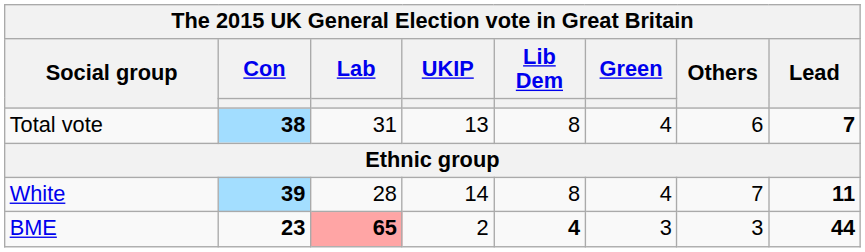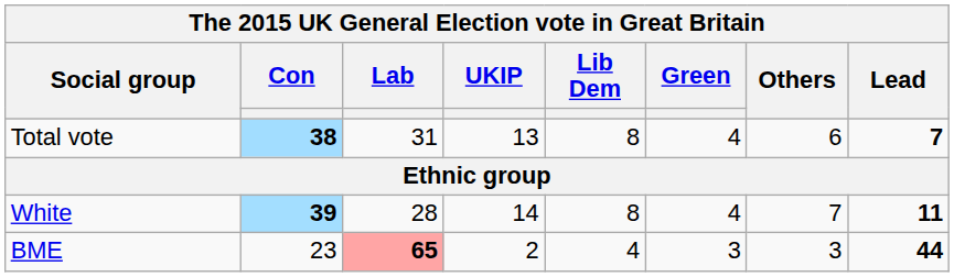 <table class=wikitable>
 <tr>
 <th colspan="10">The 2015 UK General Election vote in Great Britain</th>
 </tr>
 <tr>
 <th style="width:150px;" rowspan="2">Social group</th>
 <th style="width:60px;" class="unsortable"><a href='#'>Con</a></th>
 <th style="width:60px;" class="unsortable"><a href='#'>Lab</a></th>
 <th style="width:60px;" class="unsortable"><a href='#'>UKIP</a></th>
 <th style="width:60px;" class="unsortable"><a href='#'>Lib Dem</a></th>
 <th style="width:60px;" class="unsortable"><a href='#'>Green</a></th>
 <th style="width:60px;" rowspan="2" class="unsortable">Others</th>
 <th style="width:60px;" rowspan="2" class="unsortable">Lead</th>
 </tr>
 <tr>
 <th class="unsortable" style="color:inherit;background:"></th>
 <th class="unsortable" style="color:inherit;background:"></th>
 <th class="unsortable" style="color:inherit;background:"></th>
 <th class="unsortable" style="color:inherit;background:"></th>
 <th class="unsortable" style="color:inherit;background:"></th>
 </tr>
 <tr>
 <td>Total vote</td>
 <td style="text-align:right; background:#A2DDFF;"><strong>38</strong></td>
 <td style="text-align:right;">31</td>
 <td style="text-align:right;">13</td>
 <td style="text-align:right;">8</td>
 <td style="text-align:right;">4</td>
 <td style="text-align:right;">6</td>
 <td style="text-align:right; background:"><strong>7</strong></td>
 </tr>
 <tr>
 <th colspan=9>Ethnic group</th>
 </tr>
 <tr>
 <td><a href='#'>White</a></td>
 <td style="text-align:right; background:#A3DEFF;"><strong>39</strong></td>
 <td style="text-align:right;">28</td>
 <td style="text-align:right;">14</td>
 <td style="text-align:right;">8</td>
 <td style="text-align:right;">4</td>
 <td style="text-align:right;">7</td>
 <td style="text-align:right; background:"><strong>11</strong></td>
 </tr>
 <tr>
 <td><a href='#'>BME</a></td>
-<td style="text-align:right;"><strong>23</strong></td>
+<td style="text-align:right;">23</td>
 <td style="text-align:right; background:#FFA5A5;"><strong>65</strong></td>
 <td style="text-align:right;">2</td>
-<td style="text-align:right;"><strong>4</strong></td>
+<td style="text-align:right;">4</td>
 <td style="text-align:right;">3</td>
 <td style="text-align:right;">3</td>
 <td style="text-align:right; background:"><strong>44</strong></td>
 </tr>
 </table>
